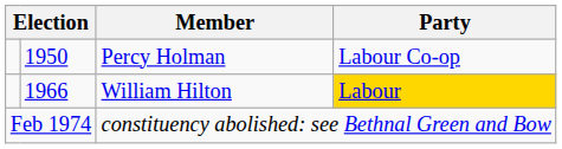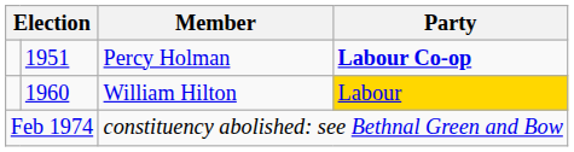 <table class="wikitable">
 <tr>
 <th colspan="2">Election</th>
 <th>Member</th>
 <th>Party</th>
 </tr>
 <tr>
 <td style="color:inherit;background-color: "></td>
-<td><a href='#'>1950</a></td>
+<td><a href='#'>1951</a></td>
 <td><a href='#'>Percy Holman</a></td>
-<td><a href='#'>Labour Co-op</a></td>
+<td><strong><a href='#'>Labour Co-op</a></strong></td>
 </tr>
 <tr>
 <td style="color:inherit;background-color: "></td>
-<td><a href='#'>1966</a></td>
+<td><a href='#'>1960</a></td>
 <td><a href='#'>William Hilton</a></td>
 <td style="background: gold;"><a href='#'>Labour</a></td>
 </tr>
 <tr>
 <td colspan="2"><a href='#'>Feb 1974</a></td>
 <td colspan="2"><em>constituency abolished: see <a href='#'>Bethnal Green and Bow</a></em></td>
 </tr>
 </table>
